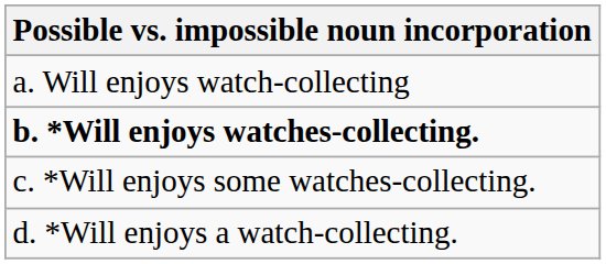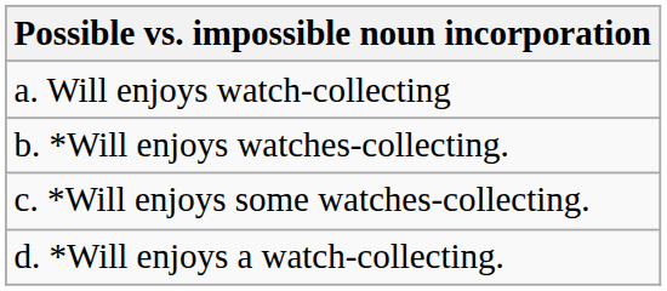 <table class="wikitable">
 <tr>
 <th>Possible vs. impossible noun incorporation</th>
 </tr>
 <tr>
 <td>a. Will enjoys watch-collecting</td>
 </tr>
 <tr>
-<td><strong>b. *Will enjoys watches-collecting.</strong></td>
+<td>b. *Will enjoys watches-collecting.</td>
 </tr>
 <tr>
 <td>c. *Will enjoys some watches-collecting.</td>
 </tr>
 <tr>
 <td>d. *Will enjoys a watch-collecting.</td>
 </tr>
 </table>
